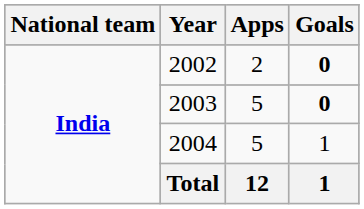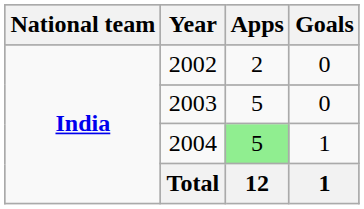 <table class="wikitable" style="font-size:90%; text-align: center;">
 <tr>
 <th>National team</th>
 <th>Year</th>
 <th>Apps</th>
 <th>Goals</th>
 </tr>
 <tr>
 <td rowspan=7><strong><a href='#'>India</a></strong></td>
 <td>2002</td>
 <td>2</td>
-<td><strong>0</strong></td>
+<td>0</td>
 </tr>
 <tr>
 <td>2003</td>
 <td>5</td>
-<td><strong>0</strong></td>
+<td>0</td>
 </tr>
 <tr>
 <td>2004</td>
-<td>5</td>
+<td style="background: lightgreen;">5</td>
 <td>1</td>
 </tr>
 <tr>
 <th>Total</th>
 <th>12</th>
 <th>1</th>
 </tr>
 </table>
